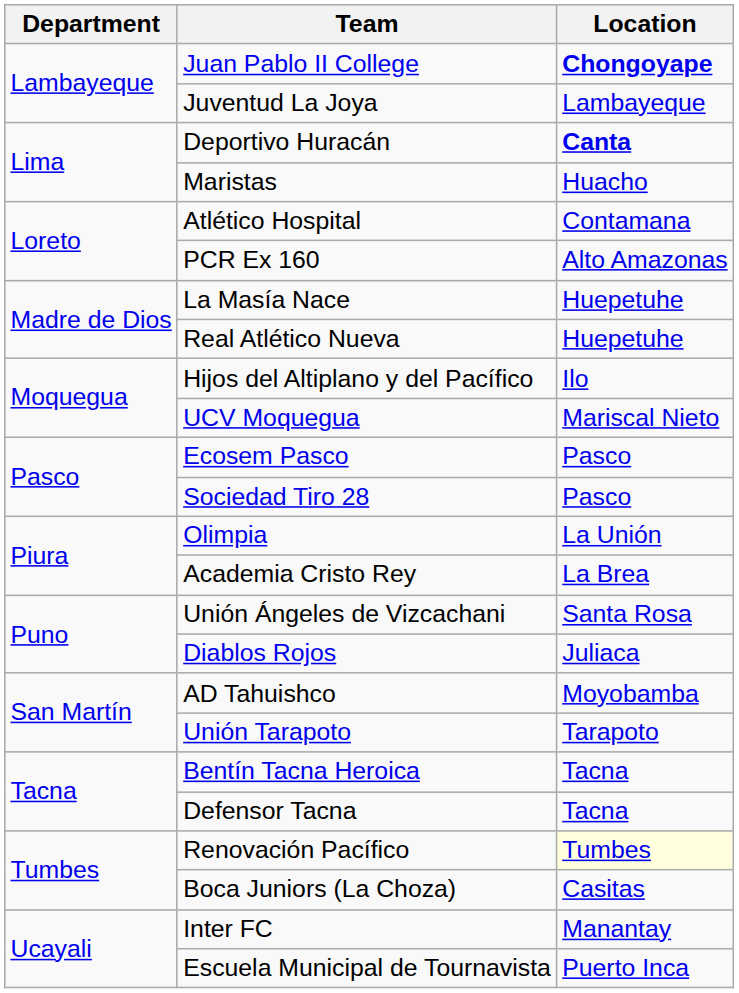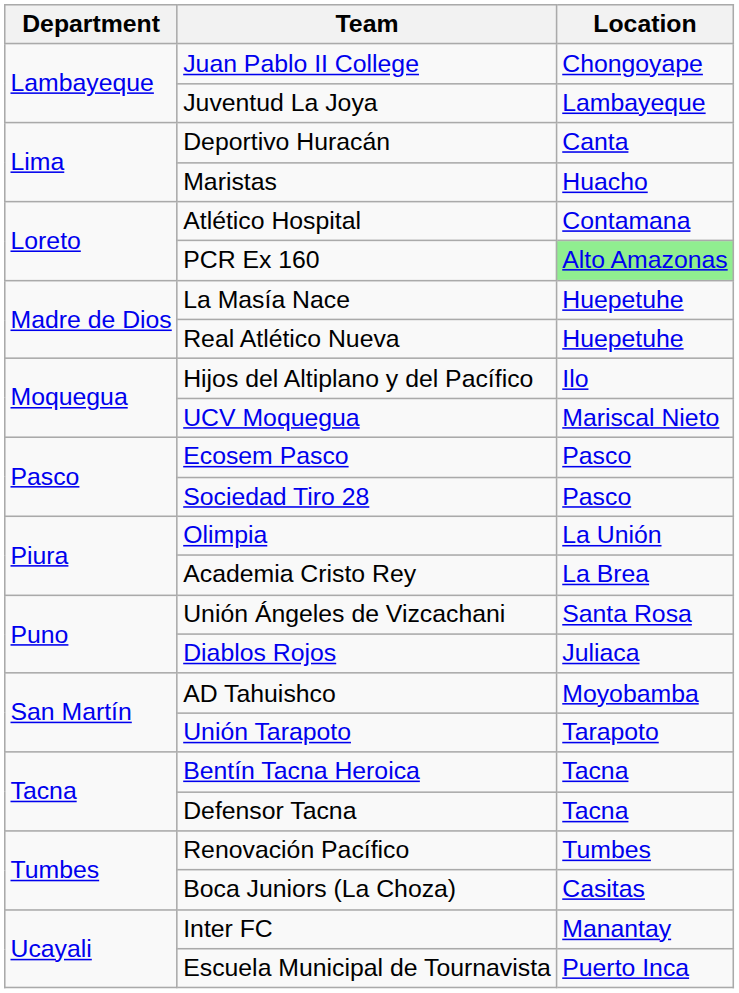 <table class="wikitable">
 <tr>
 <th>Department</th>
 <th>Team</th>
 <th>Location</th>
 </tr>
 <tr>
 <td rowspan="2"><a href='#'>Lambayeque</a></td>
 <td><a href='#'>Juan Pablo II College</a></td>
-<td><strong><a href='#'>Chongoyape</a></strong></td>
+<td><a href='#'>Chongoyape</a></td>
 </tr>
 <tr>
 <td>Juventud La Joya</td>
 <td><a href='#'>Lambayeque</a></td>
 </tr>
 <tr>
 <td rowspan="2"><a href='#'>Lima</a></td>
 <td>Deportivo Huracán</td>
-<td><strong><a href='#'>Canta</a></strong></td>
+<td><a href='#'>Canta</a></td>
 </tr>
 <tr>
 <td>Maristas</td>
 <td><a href='#'>Huacho</a></td>
 </tr>
 <tr>
 <td rowspan="2"><a href='#'>Loreto</a></td>
 <td>Atlético Hospital</td>
 <td><a href='#'>Contamana</a></td>
 </tr>
 <tr>
 <td>PCR Ex 160</td>
-<td><a href='#'>Alto Amazonas</a></td>
+<td style="background: lightgreen;"><a href='#'>Alto Amazonas</a></td>
 </tr>
 <tr>
 <td rowspan="2"><a href='#'>Madre de Dios</a></td>
 <td>La Masía Nace</td>
 <td><a href='#'>Huepetuhe</a></td>
 </tr>
 <tr>
 <td>Real Atlético Nueva</td>
 <td><a href='#'>Huepetuhe</a></td>
 </tr>
 <tr>
 <td rowspan="2"><a href='#'>Moquegua</a></td>
 <td>Hijos del Altiplano y del Pacífico</td>
 <td><a href='#'>Ilo</a></td>
 </tr>
 <tr>
 <td><a href='#'>UCV Moquegua</a></td>
 <td><a href='#'>Mariscal Nieto</a></td>
 </tr>
 <tr>
 <td rowspan="2"><a href='#'>Pasco</a></td>
 <td><a href='#'>Ecosem Pasco</a></td>
 <td><a href='#'>Pasco</a></td>
 </tr>
 <tr>
 <td><a href='#'>Sociedad Tiro 28</a></td>
 <td><a href='#'>Pasco</a></td>
 </tr>
 <tr>
 <td rowspan="2"><a href='#'>Piura</a></td>
 <td><a href='#'>Olimpia</a></td>
 <td><a href='#'>La Unión</a></td>
 </tr>
 <tr>
 <td>Academia Cristo Rey</td>
 <td><a href='#'>La Brea</a></td>
 </tr>
 <tr>
 <td rowspan="2"><a href='#'>Puno</a></td>
 <td>Unión Ángeles de Vizcachani</td>
 <td><a href='#'>Santa Rosa</a></td>
 </tr>
 <tr>
 <td><a href='#'>Diablos Rojos</a></td>
 <td><a href='#'>Juliaca</a></td>
 </tr>
 <tr>
 <td rowspan="2"><a href='#'>San Martín</a></td>
 <td>AD Tahuishco</td>
 <td><a href='#'>Moyobamba</a></td>
 </tr>
 <tr>
 <td><a href='#'>Unión Tarapoto</a></td>
 <td><a href='#'>Tarapoto</a></td>
 </tr>
 <tr>
 <td rowspan="2"><a href='#'>Tacna</a></td>
 <td><a href='#'>Bentín Tacna Heroica</a></td>
 <td><a href='#'>Tacna</a></td>
 </tr>
 <tr>
 <td>Defensor Tacna</td>
 <td><a href='#'>Tacna</a></td>
 </tr>
 <tr>
 <td rowspan="2"><a href='#'>Tumbes</a></td>
 <td>Renovación Pacífico</td>
-<td style="background: lightyellow;"><a href='#'>Tumbes</a></td>
+<td><a href='#'>Tumbes</a></td>
 </tr>
 <tr>
 <td>Boca Juniors (La Choza)</td>
 <td><a href='#'>Casitas</a></td>
 </tr>
 <tr>
 <td rowspan="2"><a href='#'>Ucayali</a></td>
 <td>Inter FC</td>
 <td><a href='#'>Manantay</a></td>
 </tr>
 <tr>
 <td>Escuela Municipal de Tournavista</td>
 <td><a href='#'>Puerto Inca</a></td>
 </tr>
 </table>
